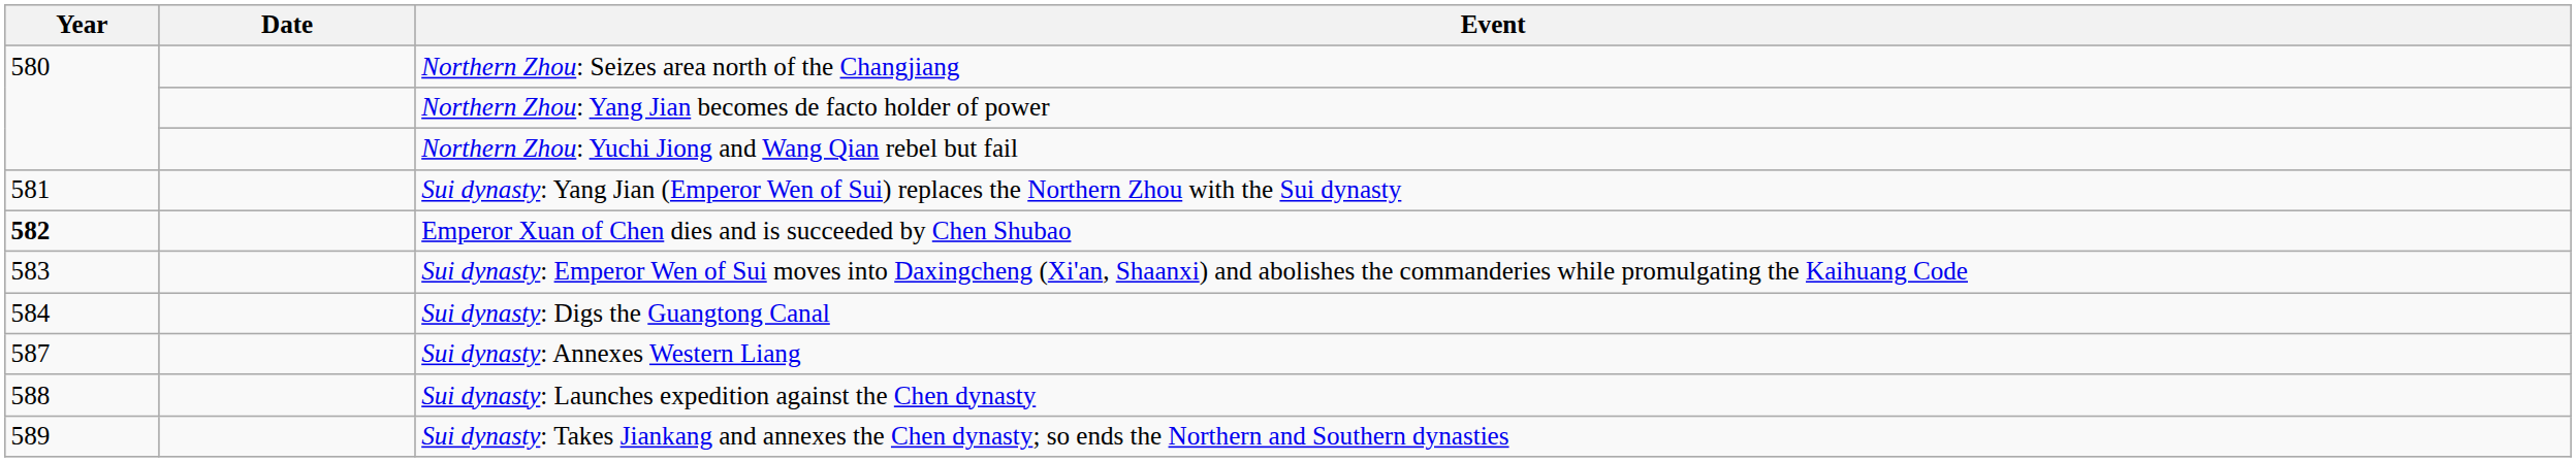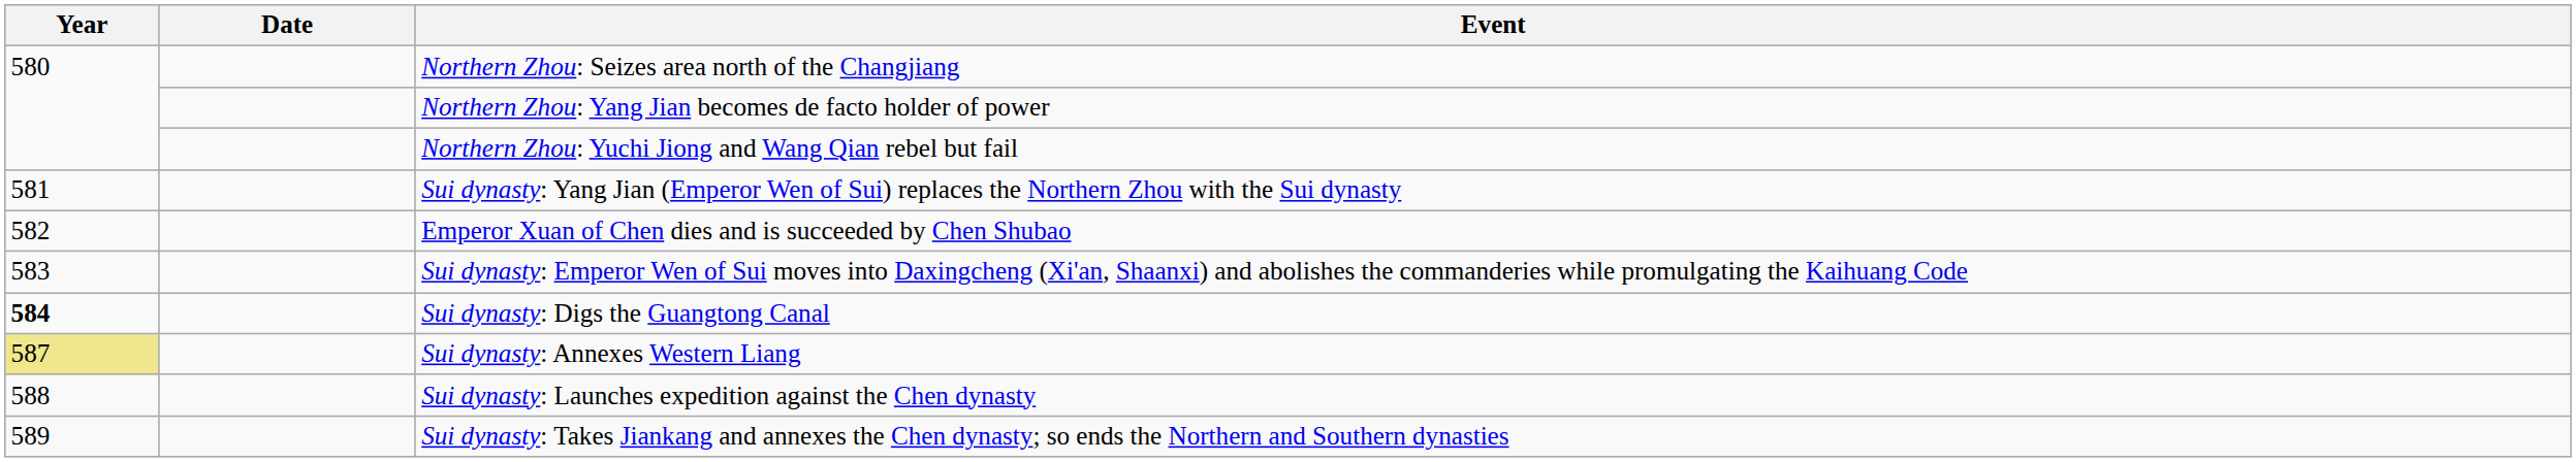 <table class="wikitable" style="width:100%;">
 <tr>
 <th style="width:6%">Year</th>
 <th style="width:10%">Date</th>
 <th>Event</th>
 </tr>
 <tr>
 <td rowspan="3" style="vertical-align:top;">580</td>
 <td></td>
 <td><em><a href='#'>Northern Zhou</a></em>: Seizes area north of the <a href='#'>Changjiang</a></td>
 </tr>
 <tr>
 <td></td>
 <td><em><a href='#'>Northern Zhou</a></em>: <a href='#'>Yang Jian</a> becomes de facto holder of power</td>
 </tr>
 <tr>
 <td></td>
 <td><em><a href='#'>Northern Zhou</a></em>: <a href='#'>Yuchi Jiong</a> and <a href='#'>Wang Qian</a> rebel but fail</td>
 </tr>
 <tr>
 <td>581</td>
 <td></td>
 <td><em><a href='#'>Sui dynasty</a></em>: Yang Jian (<a href='#'>Emperor Wen of Sui</a>) replaces the <a href='#'>Northern Zhou</a> with the <a href='#'>Sui dynasty</a></td>
 </tr>
 <tr>
-<td><strong>582</strong></td>
+<td>582</td>
 <td></td>
 <td><a href='#'>Emperor Xuan of Chen</a> dies and is succeeded by <a href='#'>Chen Shubao</a></td>
 </tr>
 <tr>
 <td>583</td>
 <td></td>
 <td><em><a href='#'>Sui dynasty</a></em>: <a href='#'>Emperor Wen of Sui</a> moves into <a href='#'>Daxingcheng</a> (<a href='#'>Xi'an</a>, <a href='#'>Shaanxi</a>) and abolishes the commanderies while promulgating the <a href='#'>Kaihuang Code</a></td>
 </tr>
 <tr>
-<td>584</td>
+<td><strong>584</strong></td>
 <td></td>
 <td><em><a href='#'>Sui dynasty</a></em>: Digs the <a href='#'>Guangtong Canal</a></td>
 </tr>
 <tr>
-<td>587</td>
+<td style="background: khaki;">587</td>
 <td></td>
 <td><em><a href='#'>Sui dynasty</a></em>: Annexes <a href='#'>Western Liang</a></td>
 </tr>
 <tr>
 <td>588</td>
 <td></td>
 <td><em><a href='#'>Sui dynasty</a></em>: Launches expedition against the <a href='#'>Chen dynasty</a></td>
 </tr>
 <tr>
 <td>589</td>
 <td></td>
 <td><em><a href='#'>Sui dynasty</a></em>: Takes <a href='#'>Jiankang</a> and annexes the <a href='#'>Chen dynasty</a>; so ends the <a href='#'>Northern and Southern dynasties</a></td>
 </tr>
 </table>
